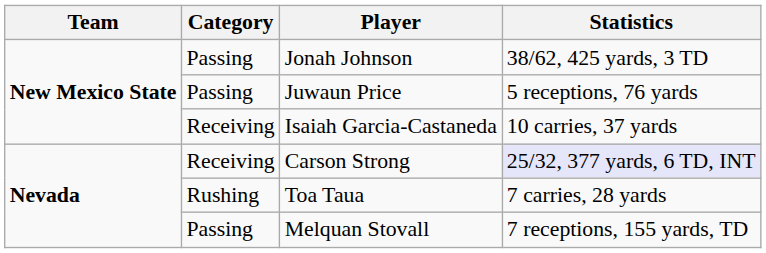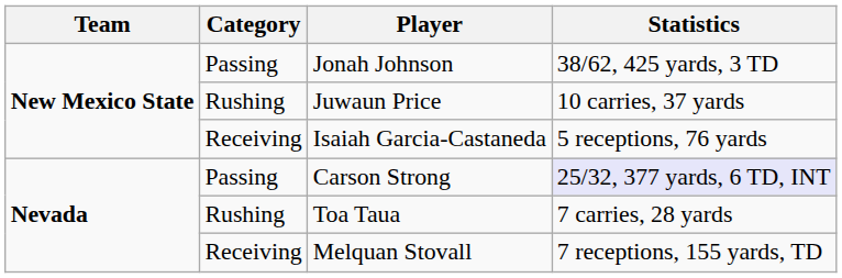 <table class="wikitable" style="float: left;">
 <tr>
 <th>Team</th>
 <th>Category</th>
 <th>Player</th>
 <th>Statistics</th>
 </tr>
 <tr>
 <td rowspan=3><strong>New Mexico State</strong></td>
 <td>Passing</td>
 <td>Jonah Johnson</td>
 <td>38/62, 425 yards, 3 TD</td>
 </tr>
 <tr>
-<td>Passing</td>
+<td>Rushing</td>
 <td>Juwaun Price</td>
-<td>5 receptions, 76 yards</td>
+<td>10 carries, 37 yards</td>
 </tr>
 <tr>
 <td>Receiving</td>
 <td>Isaiah Garcia-Castaneda</td>
-<td>10 carries, 37 yards</td>
+<td>5 receptions, 76 yards</td>
 </tr>
 <tr>
 <td rowspan=3><strong>Nevada</strong></td>
-<td>Receiving</td>
+<td>Passing</td>
 <td>Carson Strong</td>
 <td style="background: lavender;">25/32, 377 yards, 6 TD, INT</td>
 </tr>
 <tr>
 <td>Rushing</td>
 <td>Toa Taua</td>
 <td>7 carries, 28 yards</td>
 </tr>
 <tr>
-<td>Passing</td>
+<td>Receiving</td>
 <td>Melquan Stovall</td>
 <td>7 receptions, 155 yards, TD</td>
 </tr>
 </table>
